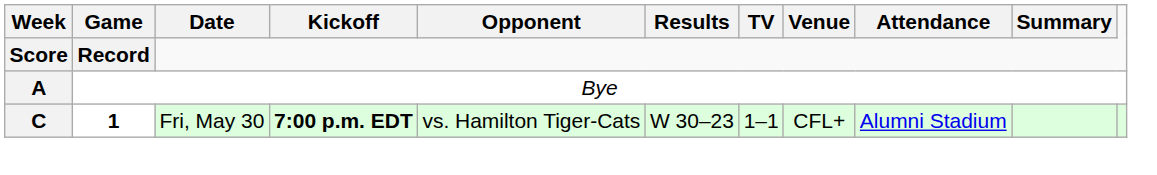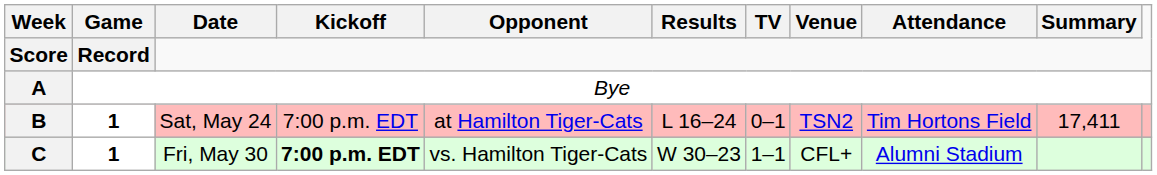 <table class="wikitable" style="font-size: 95%;">
 <tr>
 <th scope="col">Week</th>
 <th scope="col">Game</th>
 <th scope="col">Date</th>
 <th scope="col">Kickoff</th>
 <th scope="col">Opponent</th>
 <th scope="col">Results</th>
 <th scope="col">TV</th>
 <th scope="col">Venue</th>
 <th scope="col">Attendance</th>
 <th scope="col">Summary</th>
 </tr>
 <tr>
 <th scope="col">Score</th>
 <th scope="col">Record</th>
 </tr>
 <tr align="center"= bgcolor="ffffff">
 <th align="center"><strong>A</strong></th>
 <td colspan=10 align="center" valign="middle"><em>Bye</em></td>
 </tr>
+<tr align="center"= bgcolor="ffbbbb">
+<th align="center"><strong>B</strong></th>
+<th style="text-align:center; background:white;"><span>1</span></th>
+<td align="center">Sat, May 24</td>
+<td align="center">7:00 p.m. <a href='#'>EDT</a></td>
+<td align="center">at <a href='#'>Hamilton Tiger-Cats</a></td>
+<td align="center">L 16–24</td>
+<td align="center">0–1</td>
+<td align="center"><a href='#'>TSN2</a></td>
+<td align="center"><a href='#'>Tim Hortons Field</a></td>
+<td align="center">17,411</td>
+<td align="center"></td>
+</tr>
 <tr align="center"= bgcolor="ddffdd">
 <th align="center"><strong>C</strong></th>
 <th style="text-align:center; background:white;"><span>1</span></th>
 <td align="center">Fri, May 30</td>
 <td align="center"><strong>7:00 p.m. EDT</strong></td>
 <td align="center">vs. Hamilton Tiger-Cats</td>
 <td align="center">W 30–23</td>
 <td align="center">1–1</td>
 <td align="center">CFL+</td>
 <td align="center"><a href='#'>Alumni Stadium</a></td>
 <td align="center"></td>
 <td align="center"></td>
 </tr>
 </table>
